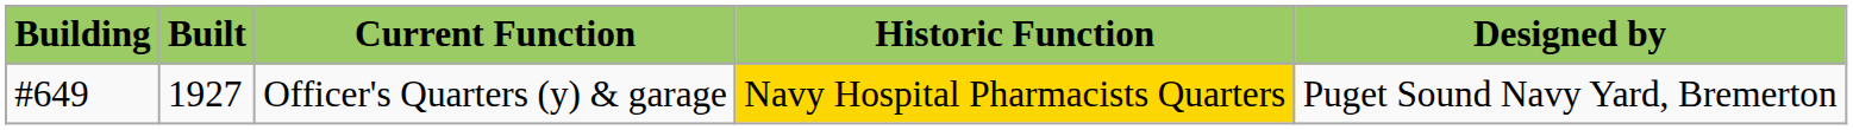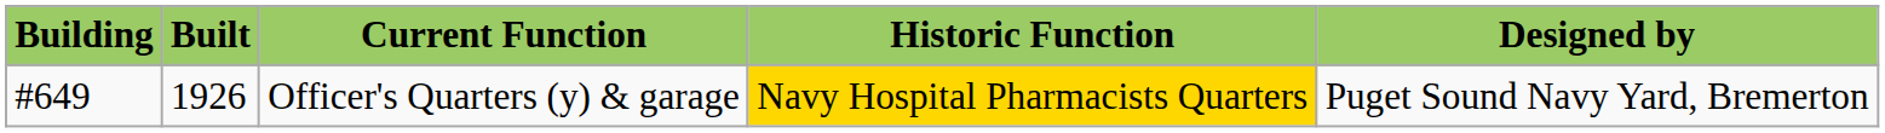 <table class="wikitable">
 <tr>
 <th style="background:#9BCB65">Building</th>
 <th style="background:#9BCB65">Built</th>
 <th style="background:#9BCB65">Current Function</th>
 <th style="background:#9BCB65">Historic Function</th>
 <th style="background:#9BCB65">Designed by</th>
 </tr>
 <tr>
 <td>#649</td>
-<td>1927</td>
+<td>1926</td>
 <td>Officer's Quarters (y) & garage</td>
 <td style="background: gold;">Navy Hospital Pharmacists Quarters</td>
 <td>Puget Sound Navy Yard, Bremerton</td>
 </tr>
 </table>
